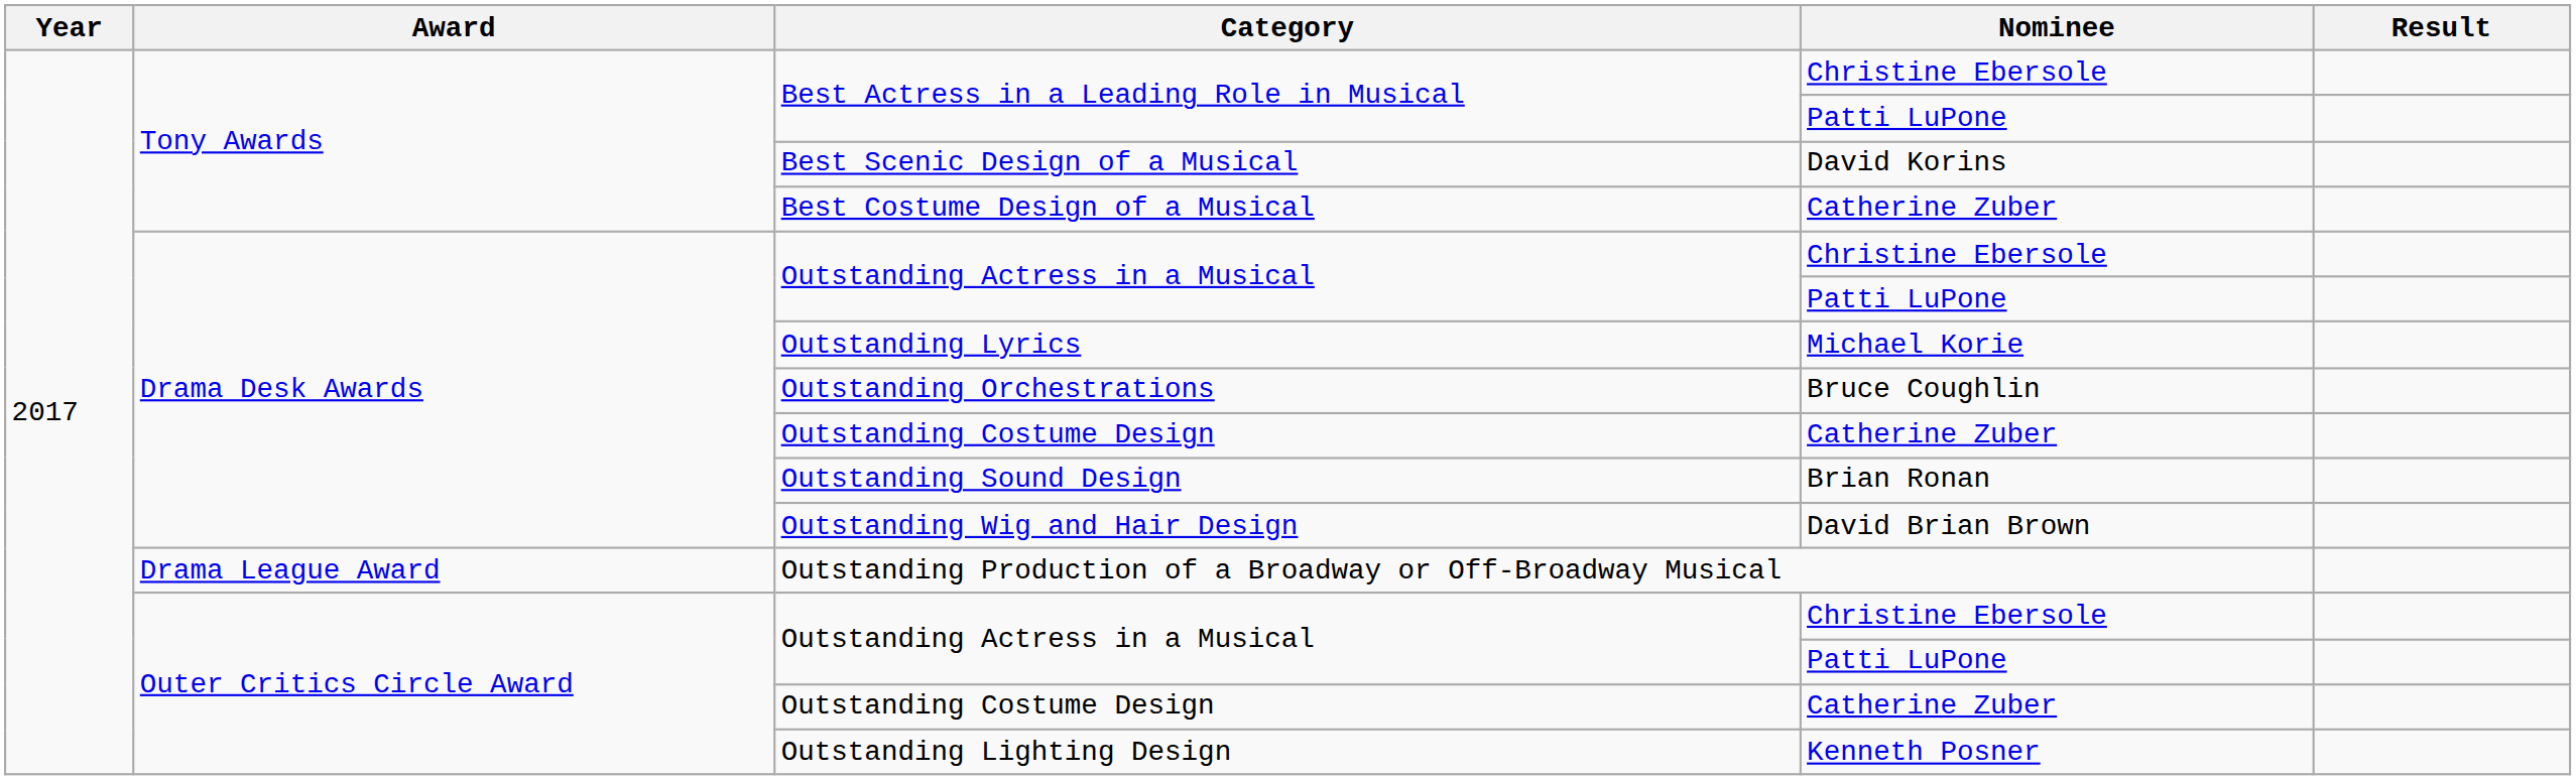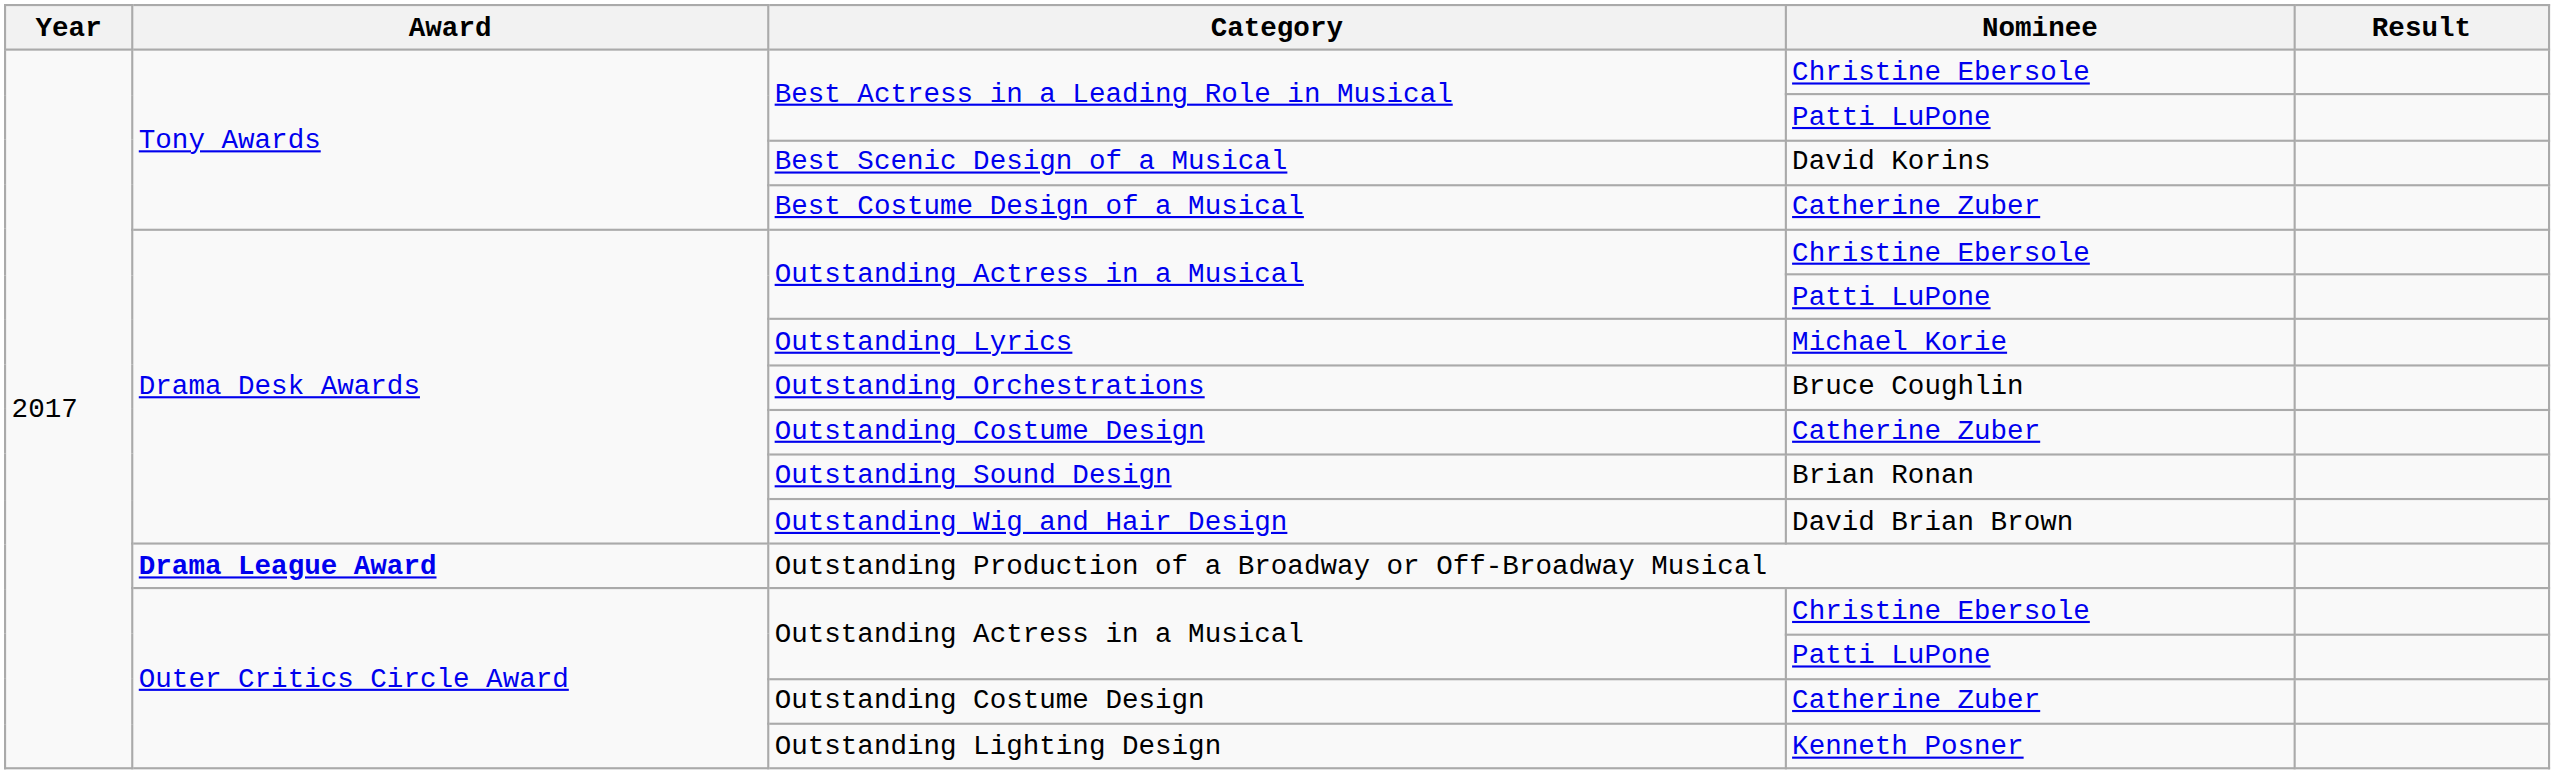 <table class="wikitable" width="95%">
 <tr>
 <th width="5%">Year</th>
 <th width="25%">Award</th>
 <th width="40%">Category</th>
 <th width="20%">Nominee</th>
 <th width="10%">Result</th>
 </tr>
 <tr>
 <td rowspan="16">2017</td>
 <td rowspan="4"><a href='#'>Tony Awards</a></td>
 <td rowspan="2"><a href='#'>Best Actress in a Leading Role in Musical</a></td>
 <td><a href='#'>Christine Ebersole</a></td>
 <td></td>
 </tr>
 <tr>
 <td><a href='#'>Patti LuPone</a></td>
 <td></td>
 </tr>
 <tr>
 <td><a href='#'>Best Scenic Design of a Musical</a></td>
 <td>David Korins</td>
 <td></td>
 </tr>
 <tr>
 <td><a href='#'>Best Costume Design of a Musical</a></td>
 <td><a href='#'>Catherine Zuber</a></td>
 <td></td>
 </tr>
 <tr>
 <td rowspan="7"><a href='#'>Drama Desk Awards</a></td>
 <td rowspan="2"><a href='#'>Outstanding Actress in a Musical</a></td>
 <td><a href='#'>Christine Ebersole</a></td>
 <td></td>
 </tr>
 <tr>
 <td><a href='#'>Patti LuPone</a></td>
 <td></td>
 </tr>
 <tr>
 <td><a href='#'>Outstanding Lyrics</a></td>
 <td><a href='#'>Michael Korie</a></td>
 <td></td>
 </tr>
 <tr>
 <td><a href='#'>Outstanding Orchestrations</a></td>
 <td>Bruce Coughlin</td>
 <td></td>
 </tr>
 <tr>
 <td><a href='#'>Outstanding Costume Design</a></td>
 <td><a href='#'>Catherine Zuber</a></td>
 <td></td>
 </tr>
 <tr>
 <td><a href='#'>Outstanding Sound Design</a></td>
 <td>Brian Ronan</td>
 <td></td>
 </tr>
 <tr>
 <td><a href='#'>Outstanding Wig and Hair Design</a></td>
 <td>David Brian Brown</td>
 <td></td>
 </tr>
 <tr>
-<td><a href='#'>Drama League Award</a></td>
+<td><strong><a href='#'>Drama League Award</a></strong></td>
 <td colspan="2">Outstanding Production of a Broadway or Off-Broadway Musical</td>
 <td></td>
 </tr>
 <tr>
 <td rowspan="4"><a href='#'>Outer Critics Circle Award</a></td>
 <td rowspan="2">Outstanding Actress in a Musical</td>
 <td><a href='#'>Christine Ebersole</a></td>
 <td></td>
 </tr>
 <tr>
 <td><a href='#'>Patti LuPone</a></td>
 <td></td>
 </tr>
 <tr>
 <td>Outstanding Costume Design</td>
 <td><a href='#'>Catherine Zuber</a></td>
 <td></td>
 </tr>
 <tr>
 <td>Outstanding Lighting Design</td>
 <td><a href='#'>Kenneth Posner</a></td>
 <td></td>
 </tr>
 </table>
